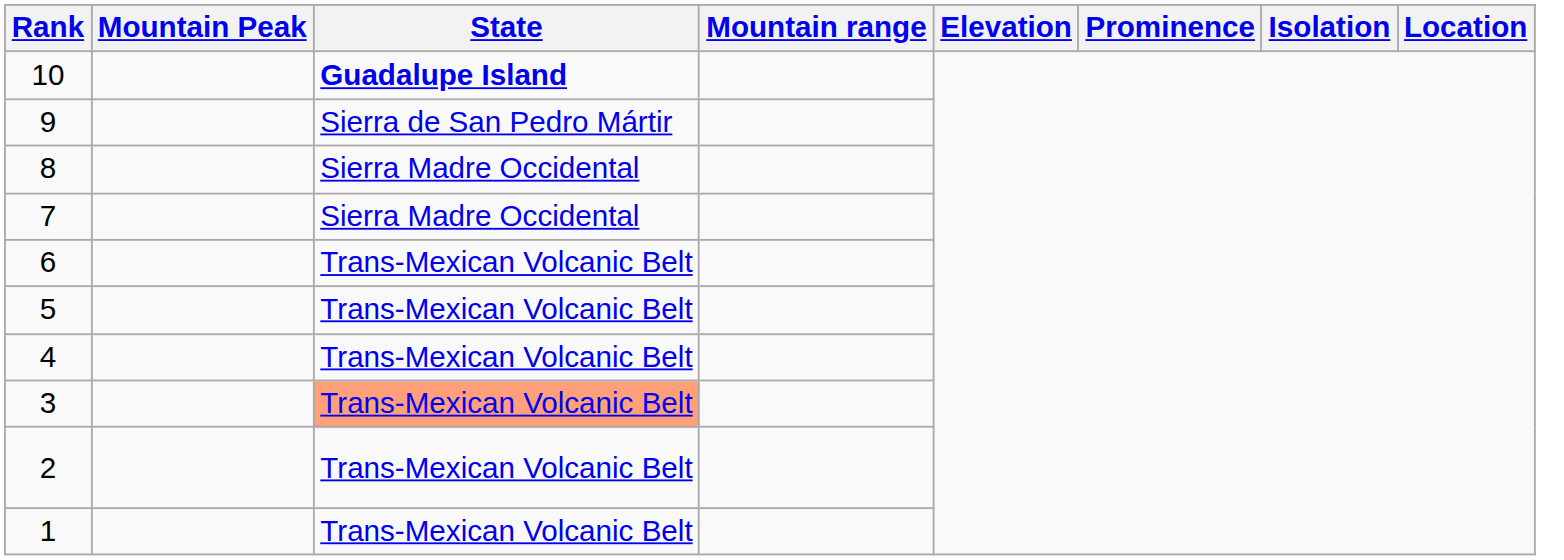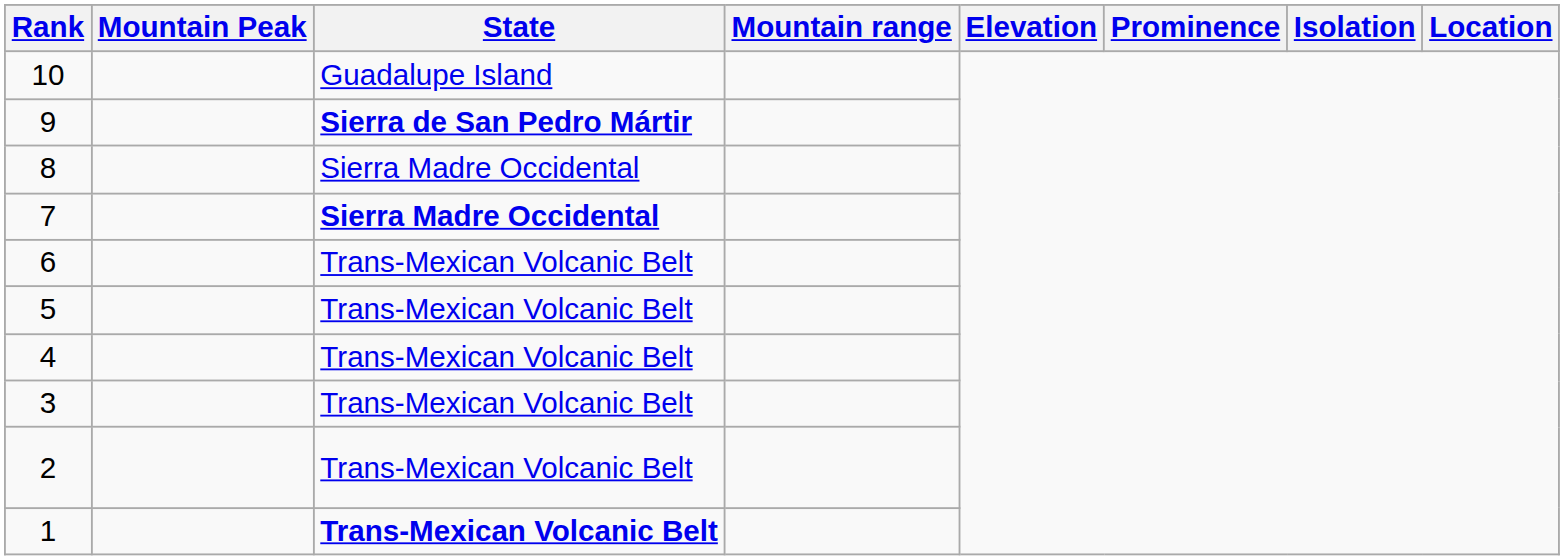 <table class="wikitable sortable">
 <tr>
 <th><a href='#'>Rank</a></th>
 <th><a href='#'>Mountain Peak</a></th>
 <th><a href='#'>State</a></th>
 <th><a href='#'>Mountain range</a></th>
 <th><a href='#'>Elevation</a></th>
 <th><a href='#'>Prominence</a></th>
 <th><a href='#'>Isolation</a></th>
 <th><a href='#'>Location</a></th>
 </tr>
 <tr>
 <td align=center>10<br></td>
 <td></td>
-<td><strong><a href='#'>Guadalupe Island</a><br></strong></td>
+<td><a href='#'>Guadalupe Island</a><br></td>
 <td></td>
 </tr>
 <tr>
 <td align=center>9<br></td>
 <td></td>
-<td><a href='#'>Sierra de San Pedro Mártir</a><br></td>
+<td><strong><a href='#'>Sierra de San Pedro Mártir</a><br></strong></td>
 <td></td>
 </tr>
 <tr>
 <td align=center>8<br></td>
 <td></td>
 <td><a href='#'>Sierra Madre Occidental</a><br></td>
 <td></td>
 </tr>
 <tr>
 <td align=center>7<br></td>
 <td></td>
-<td><a href='#'>Sierra Madre Occidental</a><br></td>
+<td><strong><a href='#'>Sierra Madre Occidental</a><br></strong></td>
 <td></td>
 </tr>
 <tr>
 <td align=center>6<br></td>
 <td><br></td>
 <td><a href='#'>Trans-Mexican Volcanic Belt</a><br></td>
 <td></td>
 </tr>
 <tr>
 <td align=center>5<br></td>
 <td></td>
 <td><a href='#'>Trans-Mexican Volcanic Belt</a><br></td>
 <td></td>
 </tr>
 <tr>
 <td align=center>4<br></td>
 <td></td>
 <td><a href='#'>Trans-Mexican Volcanic Belt</a><br></td>
 <td></td>
 </tr>
 <tr>
 <td align=center>3<br></td>
 <td><br></td>
-<td style="background: lightsalmon;"><a href='#'>Trans-Mexican Volcanic Belt</a><br></td>
+<td><a href='#'>Trans-Mexican Volcanic Belt</a><br></td>
 <td></td>
 </tr>
 <tr>
 <td align=center>2<br></td>
 <td><br><br></td>
 <td><a href='#'>Trans-Mexican Volcanic Belt</a><br></td>
 <td></td>
 </tr>
 <tr>
 <td align=center>1<br></td>
 <td><br></td>
-<td><a href='#'>Trans-Mexican Volcanic Belt</a><br></td>
+<td><strong><a href='#'>Trans-Mexican Volcanic Belt</a><br></strong></td>
 <td></td>
 </tr>
 </table>
